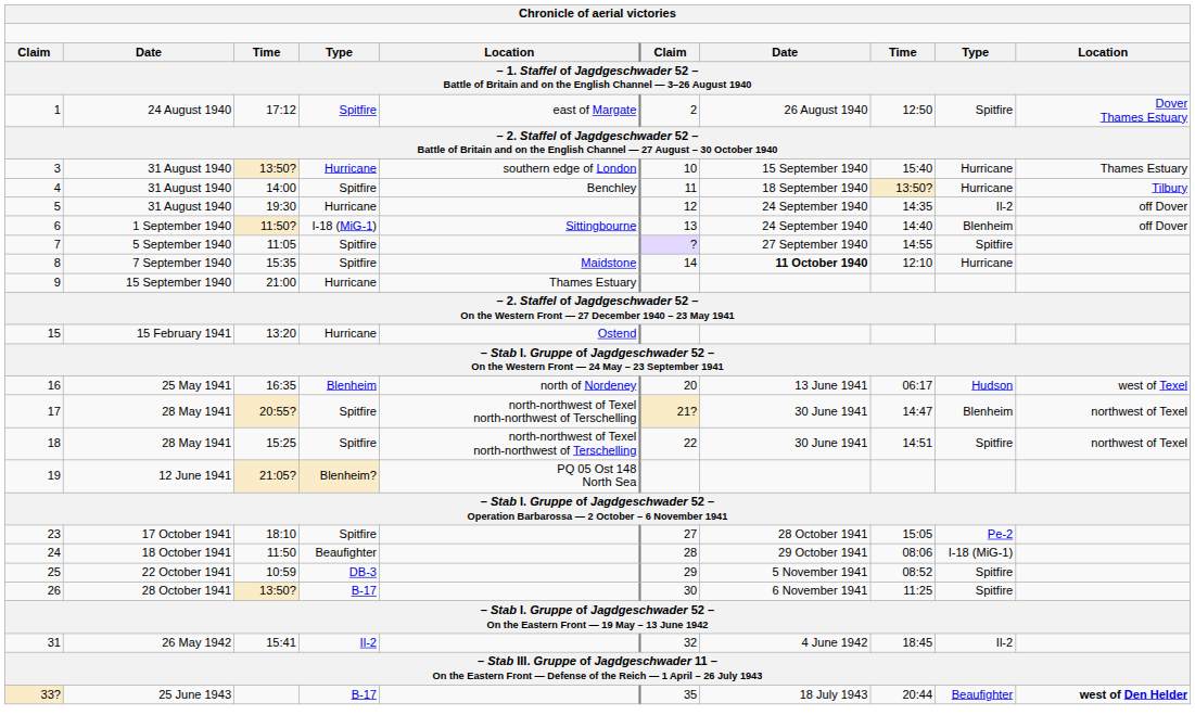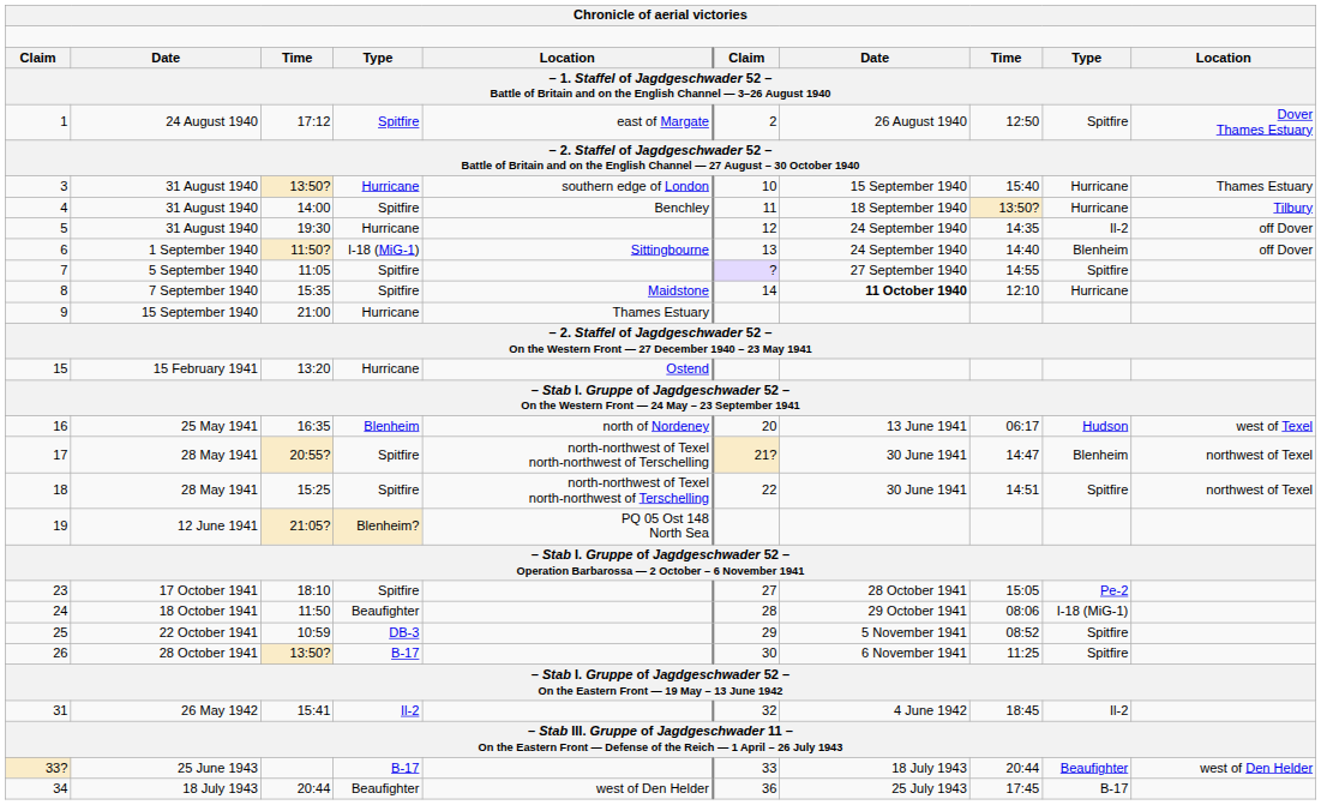 <table class="wikitable plainrowheaders collapsible" style="margin-left: auto; margin-right: auto; border: none; text-align:right; width: 100%;">
 <tr>
 <th colspan="10">Chronicle of aerial victories</th>
 </tr>
 <tr>
 <td colspan="10" style="text-align: left;"><br> </td>
 </tr>
 <tr>
 <th scope="col">Claim</th>
 <th scope="col">Date</th>
 <th scope="col">Time</th>
 <th scope="col" width="100px">Type</th>
 <th scope="col">Location</th>
 <th scope="col" style="border-left: 3px solid grey;">Claim</th>
 <th scope="col">Date</th>
 <th scope="col">Time</th>
 <th scope="col" width="100px">Type</th>
 <th scope="col">Location</th>
 </tr>
 <tr>
 <th colspan="10">– 1. <em>Staffel</em> of <em>Jagdgeschwader</em> 52 –<br><small>Battle of Britain and on the English Channel — 3–26 August 1940</small></th>
 </tr>
 <tr>
 <td>1</td>
 <td>24 August 1940</td>
 <td>17:12</td>
 <td><a href='#'>Spitfire</a></td>
 <td> east of <a href='#'>Margate</a></td>
 <td style="border-left: 3px solid grey;">2</td>
 <td>26 August 1940</td>
 <td>12:50</td>
 <td>Spitfire</td>
 <td><a href='#'>Dover</a><br><a href='#'>Thames Estuary</a></td>
 </tr>
 <tr>
 <th colspan="10">– 2. <em>Staffel</em> of <em>Jagdgeschwader</em> 52 –<br><small>Battle of Britain and on the English Channel — 27 August – 30 October 1940</small></th>
 </tr>
 <tr>
 <td>3</td>
 <td>31 August 1940</td>
 <td style="background:#faecc8">13:50?</td>
 <td><a href='#'>Hurricane</a></td>
 <td>southern edge of <a href='#'>London</a></td>
 <td style="border-left: 3px solid grey;">10</td>
 <td>15 September 1940</td>
 <td>15:40</td>
 <td>Hurricane</td>
 <td>Thames Estuary</td>
 </tr>
 <tr>
 <td>4</td>
 <td>31 August 1940</td>
 <td>14:00</td>
 <td>Spitfire</td>
 <td>Benchley</td>
 <td style="border-left: 3px solid grey;">11</td>
 <td>18 September 1940</td>
 <td style="background:#faecc8">13:50?</td>
 <td>Hurricane</td>
 <td><a href='#'>Tilbury</a></td>
 </tr>
 <tr>
 <td>5</td>
 <td>31 August 1940</td>
 <td>19:30</td>
 <td>Hurricane</td>
 <td></td>
 <td style="border-left: 3px solid grey;">12</td>
 <td>24 September 1940</td>
 <td>14:35</td>
 <td>Il-2</td>
 <td> off Dover</td>
 </tr>
 <tr>
 <td>6</td>
 <td>1 September 1940</td>
 <td style="background:#faecc8">11:50?</td>
 <td>I-18 (<a href='#'>MiG-1</a>)</td>
 <td><a href='#'>Sittingbourne</a></td>
 <td style="border-left: 3px solid grey;">13</td>
 <td>24 September 1940</td>
 <td>14:40</td>
 <td>Blenheim</td>
 <td> off Dover</td>
 </tr>
 <tr>
 <td>7</td>
 <td>5 September 1940</td>
 <td>11:05</td>
 <td>Spitfire</td>
 <td></td>
 <td style="border-left: 3px solid grey; background:#e3d9ff;">?</td>
 <td>27 September 1940</td>
 <td>14:55</td>
 <td>Spitfire</td>
 <td></td>
 </tr>
 <tr>
 <td>8</td>
 <td>7 September 1940</td>
 <td>15:35</td>
 <td>Spitfire</td>
 <td><a href='#'>Maidstone</a></td>
 <td style="border-left: 3px solid grey;">14</td>
 <td><strong>11 October 1940</strong></td>
 <td>12:10</td>
 <td>Hurricane</td>
 <td></td>
 </tr>
 <tr>
 <td>9</td>
 <td>15 September 1940</td>
 <td>21:00</td>
 <td>Hurricane</td>
 <td>Thames Estuary</td>
 <td style="border-left: 3px solid grey;"></td>
 <td></td>
 <td></td>
 <td></td>
 <td></td>
 </tr>
 <tr>
 <th colspan="10">– 2. <em>Staffel</em> of <em>Jagdgeschwader</em> 52 –<br><small>On the Western Front — 27 December 1940 – 23 May 1941</small></th>
 </tr>
 <tr>
 <td>15</td>
 <td>15 February 1941</td>
 <td>13:20</td>
 <td>Hurricane</td>
 <td><a href='#'>Ostend</a></td>
 <td style="border-left: 3px solid grey;"></td>
 <td></td>
 <td></td>
 <td></td>
 <td></td>
 </tr>
 <tr>
 <th colspan="10">– <em>Stab</em> I. <em>Gruppe</em> of <em>Jagdgeschwader</em> 52 –<br><small>On the Western Front — 24 May – 23 September 1941</small></th>
 </tr>
 <tr>
 <td>16</td>
 <td>25 May 1941</td>
 <td>16:35</td>
 <td><a href='#'>Blenheim</a></td>
 <td>north of <a href='#'>Nordeney</a></td>
 <td style="border-left: 3px solid grey;">20</td>
 <td>13 June 1941</td>
 <td>06:17</td>
 <td><a href='#'>Hudson</a></td>
 <td> west of <a href='#'>Texel</a></td>
 </tr>
 <tr>
 <td>17</td>
 <td>28 May 1941</td>
 <td style="background:#faecc8">20:55?</td>
 <td>Spitfire</td>
 <td> north-northwest of Texel<br> north-northwest of Terschelling</td>
 <td style="border-left: 3px solid grey; background:#faecc8">21?</td>
 <td>30 June 1941</td>
 <td>14:47</td>
 <td>Blenheim</td>
 <td> northwest of Texel</td>
 </tr>
 <tr>
 <td>18</td>
 <td>28 May 1941</td>
 <td>15:25</td>
 <td>Spitfire</td>
 <td> north-northwest of Texel<br> north-northwest of <a href='#'>Terschelling</a></td>
 <td style="border-left: 3px solid grey;">22</td>
 <td>30 June 1941</td>
 <td>14:51</td>
 <td>Spitfire</td>
 <td> northwest of Texel</td>
 </tr>
 <tr>
 <td>19</td>
 <td>12 June 1941</td>
 <td style="background:#faecc8">21:05?</td>
 <td style="background:#faecc8">Blenheim?</td>
 <td>PQ 05 Ost 148<br>North Sea</td>
 <td style="border-left: 3px solid grey;"></td>
 <td></td>
 <td></td>
 <td></td>
 <td></td>
 </tr>
 <tr>
 <th colspan="10">– <em>Stab</em> I. <em>Gruppe</em> of <em>Jagdgeschwader</em> 52 –<br><small>Operation Barbarossa — 2 October – 6 November 1941</small></th>
 </tr>
 <tr>
 <td>23</td>
 <td>17 October 1941</td>
 <td>18:10</td>
 <td>Spitfire</td>
 <td></td>
 <td style="border-left: 3px solid grey;">27</td>
 <td>28 October 1941</td>
 <td>15:05</td>
 <td><a href='#'>Pe-2</a></td>
 <td></td>
 </tr>
 <tr>
 <td>24</td>
 <td>18 October 1941</td>
 <td>11:50</td>
 <td>Beaufighter</td>
 <td></td>
 <td style="border-left: 3px solid grey;">28</td>
 <td>29 October 1941</td>
 <td>08:06</td>
 <td>I-18 (MiG-1)</td>
 <td></td>
 </tr>
 <tr>
 <td>25</td>
 <td>22 October 1941</td>
 <td>10:59</td>
 <td><a href='#'>DB-3</a></td>
 <td></td>
 <td style="border-left: 3px solid grey;">29</td>
 <td>5 November 1941</td>
 <td>08:52</td>
 <td>Spitfire</td>
 <td></td>
 </tr>
 <tr>
 <td>26</td>
 <td>28 October 1941</td>
 <td style="background:#faecc8">13:50?</td>
 <td><a href='#'>B-17</a></td>
 <td></td>
 <td style="border-left: 3px solid grey;">30</td>
 <td>6 November 1941</td>
 <td>11:25</td>
 <td>Spitfire</td>
 <td></td>
 </tr>
 <tr>
 <th colspan="10">– <em>Stab</em> I. <em>Gruppe</em> of <em>Jagdgeschwader</em> 52 –<br><small>On the Eastern Front — 19 May – 13 June 1942</small></th>
 </tr>
 <tr>
 <td>31</td>
 <td>26 May 1942</td>
 <td>15:41</td>
 <td><a href='#'>Il-2</a></td>
 <td></td>
 <td style="border-left: 3px solid grey;">32</td>
 <td>4 June 1942</td>
 <td>18:45</td>
 <td>Il-2</td>
 <td></td>
 </tr>
 <tr>
 <th colspan="10">– <em>Stab</em> III. <em>Gruppe</em> of <em>Jagdgeschwader</em> 11 –<br><small>On the Eastern Front — Defense of the Reich — 1 April – 26 July 1943</small></th>
 </tr>
 <tr>
 <td style="background:#faecc8">33?</td>
 <td>25 June 1943</td>
 <td></td>
 <td><a href='#'>B-17</a></td>
 <td></td>
-<td style="border-left: 3px solid grey;">35</td>
+<td style="border-left: 3px solid grey;">33</td>
 <td>18 July 1943</td>
 <td>20:44</td>
 <td><a href='#'>Beaufighter</a></td>
-<td><strong> west of <a href='#'>Den Helder</a></strong></td>
+<td> west of <a href='#'>Den Helder</a></td>
+</tr>
+<tr>
+<td>34</td>
+<td>18 July 1943</td>
+<td>20:44</td>
+<td>Beaufighter</td>
+<td> west of Den Helder</td>
+<td style="border-left: 3px solid grey;">36</td>
+<td>25 July 1943</td>
+<td>17:45</td>
+<td>B-17</td>
+<td></td>
 </tr>
 </table>
